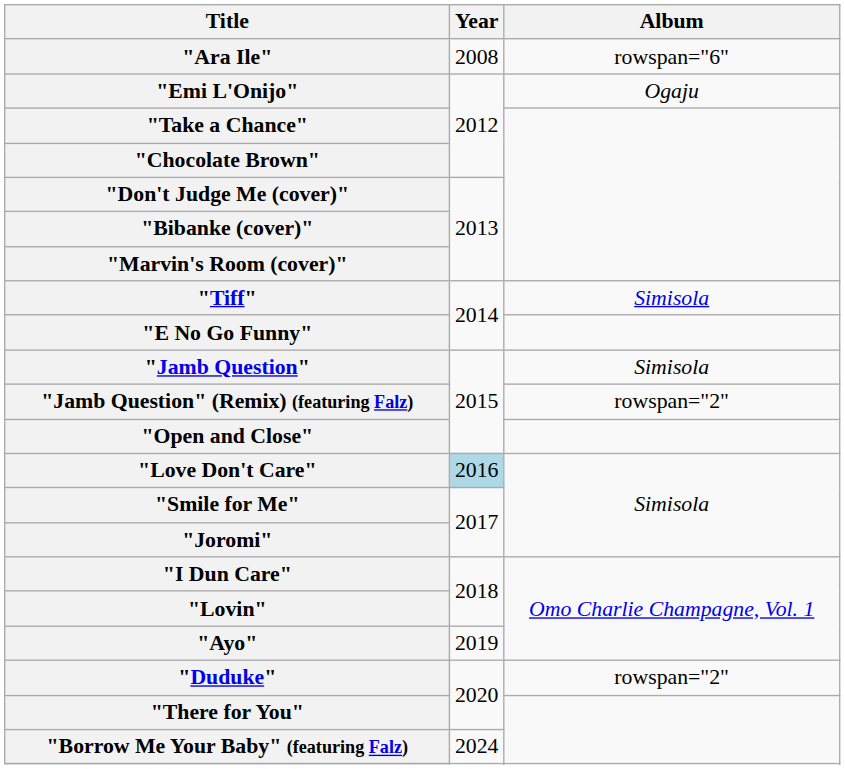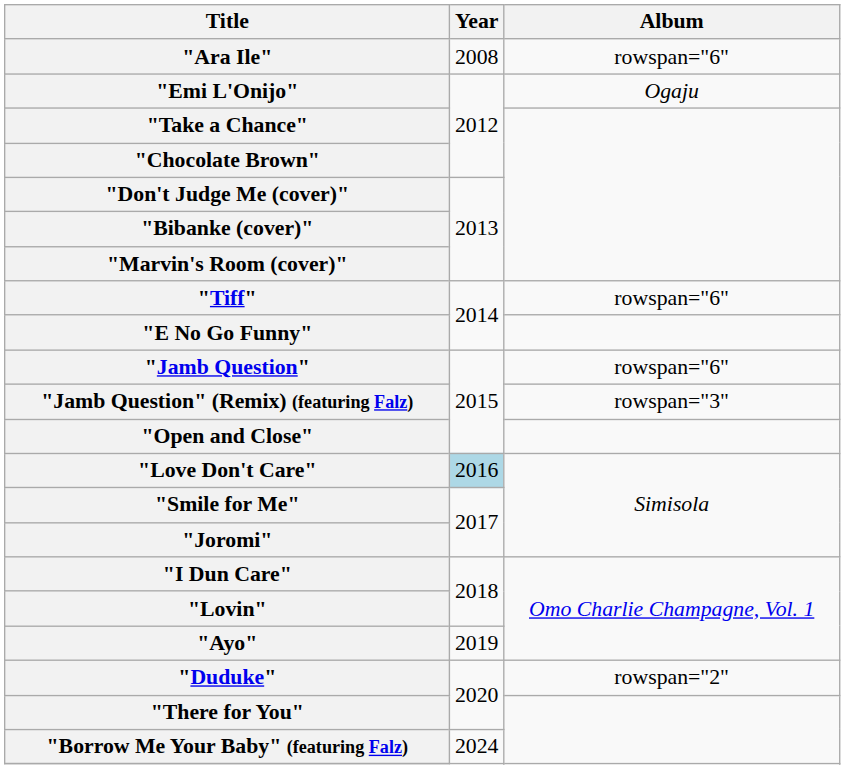 <table class="wikitable plainrowheaders" style="text-align:center;">
 <tr>
 <th scope="col"  style="width:20em;">Title</th>
 <th scope="col">Year</th>
 <th scope="col" style="width:15em;">Album</th>
 </tr>
 <tr>
 <th scope="row">"Ara Ile"</th>
 <td>2008</td>
 <td>rowspan="6" </td>
 </tr>
 <tr>
 <th scope="row">"Emi L'Onijo"</th>
 <td rowspan="3">2012</td>
 <td><em>Ogaju</em></td>
 </tr>
 <tr>
 <th scope="row">"Take a Chance"</th>
 </tr>
 <tr>
 <th scope="row">"Chocolate Brown"</th>
 </tr>
 <tr>
 <th scope="row">"Don't Judge Me (cover)"</th>
 <td rowspan="3">2013</td>
 </tr>
 <tr>
 <th scope="row">"Bibanke (cover)"</th>
 </tr>
 <tr>
 <th scope="row">"Marvin's Room (cover)"</th>
 </tr>
 <tr>
 <th scope="row">"<a href='#'>Tiff</a>"</th>
 <td rowspan="2">2014</td>
-<td><em><a href='#'>Simisola</a></em></td>
+<td>rowspan="6" </td>
 </tr>
 <tr>
 <th scope="row">"E No Go Funny"</th>
 <td></td>
 </tr>
 <tr>
 <th scope="row">"<a href='#'>Jamb Question</a>"</th>
 <td rowspan="3">2015</td>
-<td><em>Simisola</em></td>
+<td>rowspan="6" </td>
 </tr>
 <tr>
 <th scope="row">"Jamb Question" (Remix) <small>(featuring <a href='#'>Falz</a>)</small></th>
-<td>rowspan="2" </td>
+<td>rowspan="3" </td>
 </tr>
 <tr>
 <th scope="row">"Open and Close"</th>
 </tr>
 <tr>
 <th scope="row">"Love Don't Care"</th>
 <td style="background: lightblue;">2016</td>
 <td rowspan="3"><em>Simisola</em></td>
 </tr>
 <tr>
 <th scope="row">"Smile for Me"</th>
 <td rowspan="2">2017</td>
 </tr>
 <tr>
 <th scope="row">"Joromi"</th>
 </tr>
 <tr>
 <th scope="row">"I Dun Care"</th>
 <td rowspan="2">2018</td>
 <td rowspan="3"><em><a href='#'>Omo Charlie Champagne, Vol. 1</a></em></td>
 </tr>
 <tr>
 <th scope="row">"Lovin"</th>
 </tr>
 <tr>
 <th scope="row">"Ayo"</th>
 <td>2019</td>
 </tr>
 <tr>
 <th scope="row">"<a href='#'>Duduke</a>"</th>
 <td rowspan="2">2020</td>
 <td>rowspan="2" </td>
 </tr>
 <tr>
 <th scope="row">"There for You"</th>
 </tr>
 <tr>
 <th scope="row">"Borrow Me Your Baby" <small>(featuring <a href='#'>Falz</a>)</small> </th>
 <td rowspan="2">2024</td>
 </tr>
 <tr>
 </tr>
 </table>
